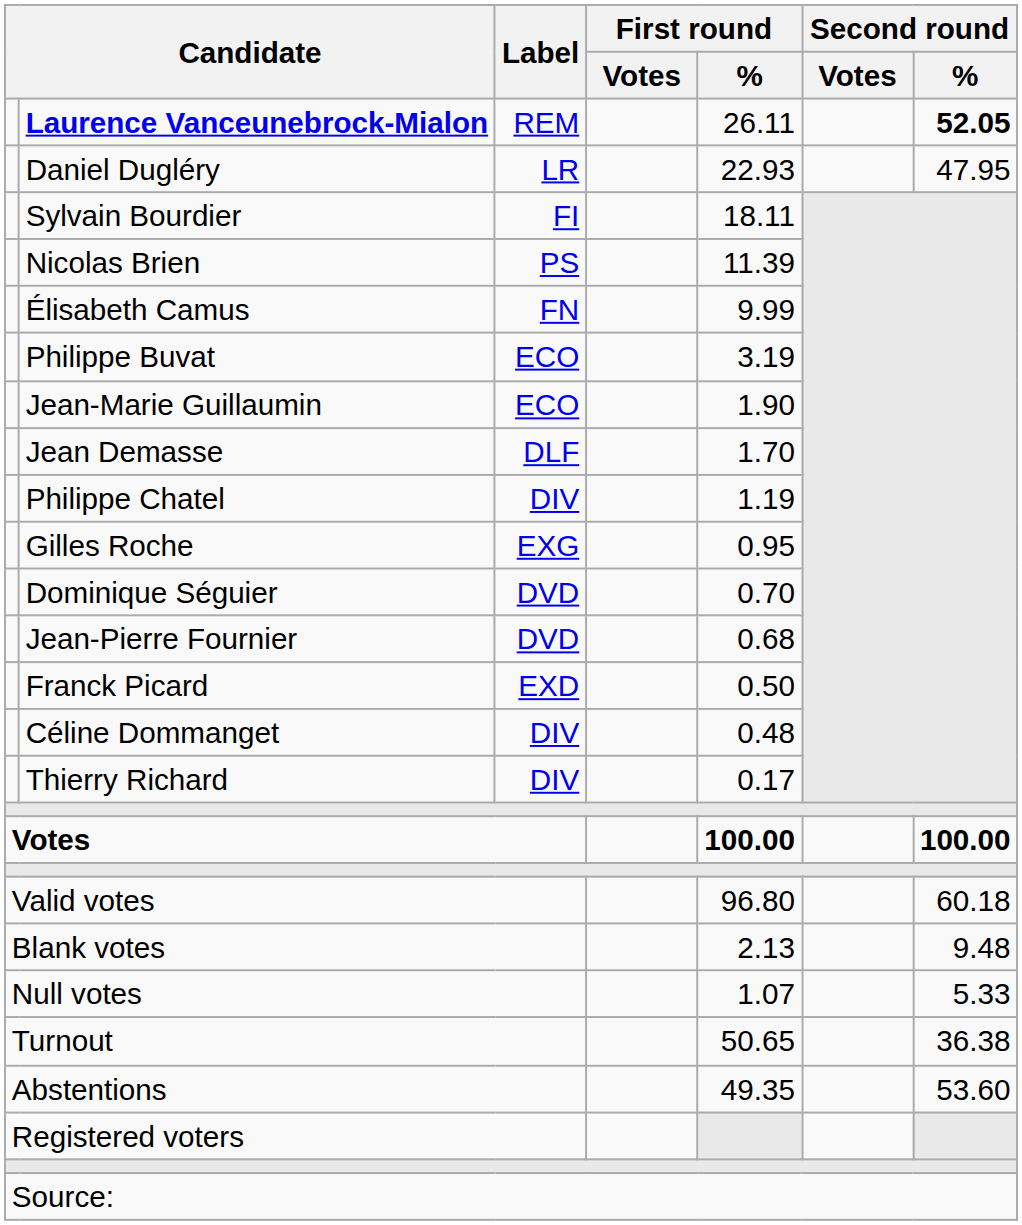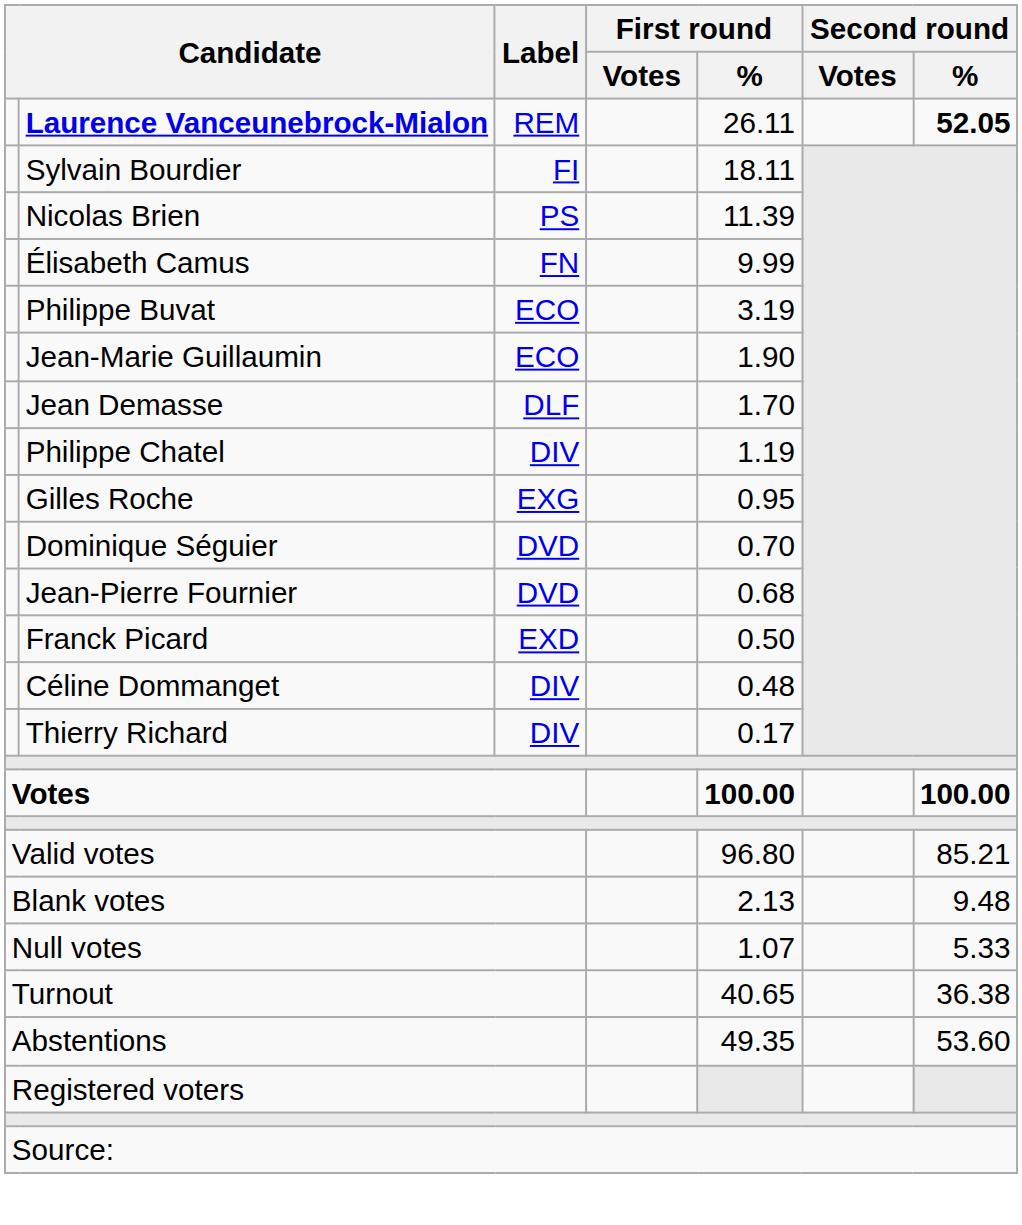 <table class="wikitable" style="text-align:right;font-size:95%;">
 <tr>
 <th colspan="2" rowspan="2">Candidate</th>
 <th rowspan="2">Label</th>
 <th colspan="2">First round</th>
 <th colspan="2">Second round</th>
 </tr>
 <tr>
 <th style="width:50px;">Votes</th>
 <th style="width:45px;">%</th>
 <th style="width:50px;">Votes</th>
 <th style="width:45px;">%</th>
 </tr>
 <tr>
 <td style="color:inherit;background:"></td>
 <td style="text-align:left;"><strong><a href='#'>Laurence Vanceunebrock-Mialon</a></strong></td>
 <td><a href='#'>REM</a></td>
 <td></td>
 <td>26.11</td>
 <td><strong></strong></td>
 <td><strong>52.05</strong></td>
-</tr>
-<tr>
-<td style="color:inherit;background:"></td>
-<td style="text-align:left;">Daniel Dugléry</td>
-<td><a href='#'>LR</a></td>
-<td></td>
-<td>22.93</td>
-<td></td>
-<td>47.95</td>
 </tr>
 <tr>
 <td style="color:inherit;background:"></td>
 <td style="text-align:left;">Sylvain Bourdier</td>
 <td><a href='#'>FI</a></td>
 <td></td>
 <td>18.11</td>
 <td colspan="2" rowspan="13" style="background:#E9E9E9;"></td>
 </tr>
 <tr>
 <td style="color:inherit;background:"></td>
 <td style="text-align:left;">Nicolas Brien</td>
 <td><a href='#'>PS</a></td>
 <td></td>
 <td>11.39</td>
 </tr>
 <tr>
 <td style="color:inherit;background:"></td>
 <td style="text-align:left;">Élisabeth Camus</td>
 <td><a href='#'>FN</a></td>
 <td></td>
 <td>9.99</td>
 </tr>
 <tr>
 <td style="color:inherit;background:"></td>
 <td style="text-align:left;">Philippe Buvat</td>
 <td><a href='#'>ECO</a></td>
 <td></td>
 <td>3.19</td>
 </tr>
 <tr>
 <td style="color:inherit;background:"></td>
 <td style="text-align:left;">Jean-Marie Guillaumin</td>
 <td><a href='#'>ECO</a></td>
 <td></td>
 <td>1.90</td>
 </tr>
 <tr>
 <td style="color:inherit;background:"></td>
 <td style="text-align:left;">Jean Demasse</td>
 <td><a href='#'>DLF</a></td>
 <td></td>
 <td>1.70</td>
 </tr>
 <tr>
 <td style="color:inherit;background:"></td>
 <td style="text-align:left;">Philippe Chatel</td>
 <td><a href='#'>DIV</a></td>
 <td></td>
 <td>1.19</td>
 </tr>
 <tr>
 <td style="color:inherit;background:"></td>
 <td style="text-align:left;">Gilles Roche</td>
 <td><a href='#'>EXG</a></td>
 <td></td>
 <td>0.95</td>
 </tr>
 <tr>
 <td style="color:inherit;background:"></td>
 <td style="text-align:left;">Dominique Séguier</td>
 <td><a href='#'>DVD</a></td>
 <td></td>
 <td>0.70</td>
 </tr>
 <tr>
 <td style="color:inherit;background:"></td>
 <td style="text-align:left;">Jean-Pierre Fournier</td>
 <td><a href='#'>DVD</a></td>
 <td></td>
 <td>0.68</td>
 </tr>
 <tr>
 <td style="color:inherit;background:"></td>
 <td style="text-align:left;">Franck Picard</td>
 <td><a href='#'>EXD</a></td>
 <td></td>
 <td>0.50</td>
 </tr>
 <tr>
 <td style="color:inherit;background:"></td>
 <td style="text-align:left;">Céline Dommanget</td>
 <td><a href='#'>DIV</a></td>
 <td></td>
 <td>0.48</td>
 </tr>
 <tr>
 <td style="color:inherit;background:"></td>
 <td style="text-align:left;">Thierry Richard</td>
 <td><a href='#'>DIV</a></td>
 <td></td>
 <td>0.17</td>
 </tr>
 <tr>
 <td colspan="7" style="background:#E9E9E9;"></td>
 </tr>
 <tr style="font-weight:bold;">
 <td colspan="3" style="text-align:left;">Votes</td>
 <td></td>
 <td>100.00</td>
 <td></td>
 <td>100.00</td>
 </tr>
 <tr>
 <td colspan="7" style="background:#E9E9E9;"></td>
 </tr>
 <tr>
 <td colspan="3" style="text-align:left;">Valid votes</td>
 <td></td>
 <td>96.80</td>
 <td></td>
-<td>60.18</td>
+<td>85.21</td>
 </tr>
 <tr>
 <td colspan="3" style="text-align:left;">Blank votes</td>
 <td></td>
 <td>2.13</td>
 <td></td>
 <td>9.48</td>
 </tr>
 <tr>
 <td colspan="3" style="text-align:left;">Null votes</td>
 <td></td>
 <td>1.07</td>
 <td></td>
 <td>5.33</td>
 </tr>
 <tr>
 <td colspan="3" style="text-align:left;">Turnout</td>
 <td></td>
-<td>50.65</td>
+<td>40.65</td>
 <td></td>
 <td>36.38</td>
 </tr>
 <tr>
 <td colspan="3" style="text-align:left;">Abstentions</td>
 <td></td>
 <td>49.35</td>
 <td></td>
 <td>53.60</td>
 </tr>
 <tr>
 <td colspan="3" style="text-align:left;">Registered voters</td>
 <td></td>
 <td style="color:inherit;background:#E9E9E9;"></td>
 <td></td>
 <td style="color:inherit;background:#E9E9E9;"></td>
 </tr>
 <tr>
 <td colspan="7" style="background:#E9E9E9;"></td>
 </tr>
 <tr>
 <td colspan="7" style="text-align:left;">Source: </td>
 </tr>
 </table>
